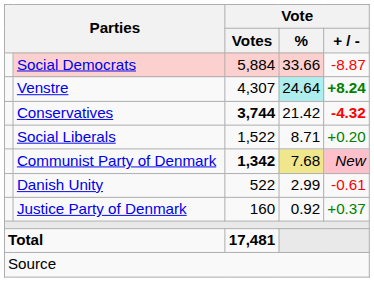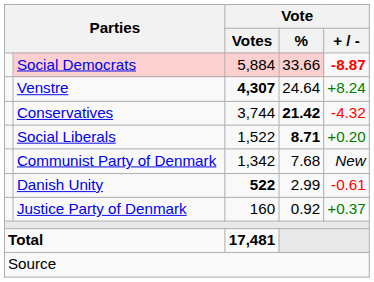 <table class="wikitable" style="text-align:right;">
 <tr>
 <th style="text-align:centre;" rowspan="2" colspan="2" width="225">Parties</th>
 <th colspan="3">Vote</th>
 </tr>
 <tr>
 <th width="15">Votes</th>
 <th width="15">%</th>
 <th width="15">+ / -</th>
 </tr>
 <tr>
 <td width="2" style="color:inherit;background:"></td>
 <td bgcolor=#fbd0ce  align="left"><a href='#'>Social Democrats</a></td>
 <td bgcolor=#fbd0ce>5,884</td>
 <td bgcolor=#fbd0ce>33.66</td>
-<td style=color:red;>-8.87</td>
+<td style=color:red;><strong>-8.87</strong></td>
 </tr>
 <tr>
 <td width="2" style="color:inherit;background:"></td>
 <td align="left"><a href='#'>Venstre</a></td>
-<td>4,307</td>
-<td style="background: paleturquoise;">24.64</td>
-<td style=color:green;><strong>+8.24</strong></td>
+<td><strong>4,307</strong></td>
+<td>24.64</td>
+<td style=color:green;>+8.24</td>
 </tr>
 <tr>
 <td width="2" style="color:inherit;background:"></td>
 <td align="left"><a href='#'>Conservatives</a></td>
-<td><strong>3,744</strong></td>
-<td>21.42</td>
-<td style=color:red;><strong>-4.32</strong></td>
+<td>3,744</td>
+<td><strong>21.42</strong></td>
+<td style=color:red;>-4.32</td>
 </tr>
 <tr>
 <td width="2" style="color:inherit;background:"></td>
 <td align="left"><a href='#'>Social Liberals</a></td>
 <td>1,522</td>
-<td>8.71</td>
+<td><strong>8.71</strong></td>
 <td style=color:green;>+0.20</td>
 </tr>
 <tr>
 <td width="2" style="color:inherit;background:"></td>
 <td align="left"><a href='#'>Communist Party of Denmark</a></td>
-<td><strong>1,342</strong></td>
-<td style="background: khaki;">7.68</td>
-<td style="background: pink;"><em>New</em></td>
+<td>1,342</td>
+<td>7.68</td>
+<td><em>New</em></td>
 </tr>
 <tr>
 <td width="2" style="color:inherit;background:"></td>
 <td align="left"><a href='#'>Danish Unity</a></td>
-<td>522</td>
+<td><strong>522</strong></td>
 <td>2.99</td>
 <td style=color:red;>-0.61</td>
 </tr>
 <tr>
 <td width="2" style="color:inherit;background:"></td>
 <td align="left"><a href='#'>Justice Party of Denmark</a></td>
 <td>160</td>
 <td>0.92</td>
 <td style=color:green;>+0.37</td>
 </tr>
 <tr>
 <td colspan="7" bgcolor="#E9E9E9"></td>
 </tr>
 <tr>
 <td align="left" colspan="2"><strong>Total</strong></td>
 <td><strong>17,481</strong></td>
 <td bgcolor="#E9E9E9" colspan="2"></td>
 </tr>
 <tr>
 <td align="left" colspan="6">Source</td>
 </tr>
 </table>
